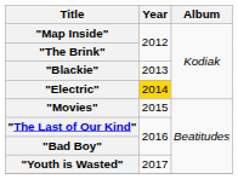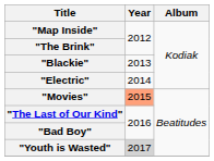 <table class="wikitable plainrowheaders" style="text-align:center;">
 <tr>
 <th scope="col">Title</th>
 <th scope="col" style="width:1em;">Year</th>
 <th scope="col">Album</th>
 </tr>
 <tr>
 <th scope="row">"Map Inside"</th>
 <td rowspan="2">2012</td>
 <td rowspan="4"><em>Kodiak</em></td>
 </tr>
 <tr>
 <th scope="row">"The Brink"</th>
 </tr>
 <tr>
 <th scope="row">"Blackie"</th>
 <td>2013</td>
 </tr>
 <tr>
 <th scope="row">"Electric"</th>
-<td style="background: gold;">2014</td>
+<td>2014</td>
 </tr>
 <tr>
 <th scope="row">"Movies"</th>
-<td>2015</td>
+<td style="background: lightsalmon;">2015</td>
 <td rowspan="4"><em>Beatitudes</em></td>
 </tr>
 <tr>
 <th scope="row">"<a href='#'>The Last of Our Kind</a>"</th>
 <td rowspan="2">2016</td>
 </tr>
 <tr>
 <th scope="row">"Bad Boy"</th>
 </tr>
 <tr>
 <th scope="row">"Youth is Wasted"</th>
-<td>2017</td>
+<td style="background: lightgrey;">2017</td>
 </tr>
 <tr>
 </tr>
 </table>
